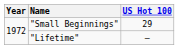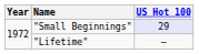 <table class="wikitable">
 <tr>
 <th style="text-align:left;">Year</th>
 <th style="text-align:left;">Name</th>
 <th style="text-align:center;"><a href='#'>US Hot 100</a></th>
 </tr>
 <tr>
 <td rowspan="2">1972</td>
 <td style="text-align:left;">"Small Beginnings"</td>
-<td style="text-align:center;">29</td>
+<td style="background: lavender; text-align:center;">29</td>
 </tr>
 <tr>
 <td style="text-align:left;">"Lifetime"</td>
 <td style="text-align:center;">–</td>
 </tr>
 </table>
